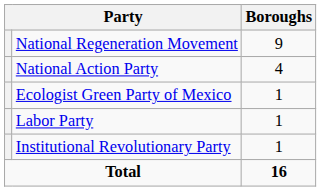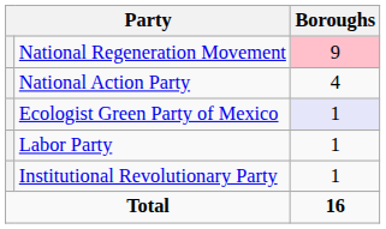 <table class="wikitable" style="text-align:center;">
 <tr>
 <th colspan="2">Party</th>
 <th>Boroughs</th>
 </tr>
 <tr>
 <th style="background-color:"></th>
 <td style="text-align:left;"><a href='#'>National Regeneration Movement</a></td>
-<td>9</td>
+<td style="background: pink;">9</td>
 </tr>
 <tr>
 <th style="background-color:"></th>
 <td style="text-align:left;"><a href='#'>National Action Party</a></td>
 <td>4</td>
 </tr>
 <tr>
 <th style="background-color:"></th>
 <td style="text-align:left;"><a href='#'>Ecologist Green Party of Mexico</a></td>
-<td>1</td>
+<td style="background: lavender;">1</td>
 </tr>
 <tr>
 <th style="background-color:"></th>
 <td style="text-align:left;"><a href='#'>Labor Party</a></td>
 <td>1</td>
 </tr>
 <tr>
 <th style="background-color:"></th>
 <td style="text-align:left;"><a href='#'>Institutional Revolutionary Party</a></td>
 <td>1</td>
 </tr>
 <tr>
 <td colspan="2"><strong>Total</strong></td>
 <td><strong>16</strong></td>
 </tr>
 </table>
